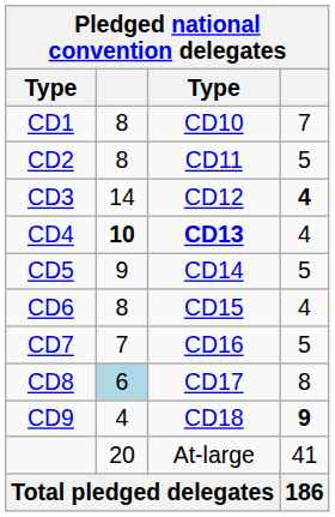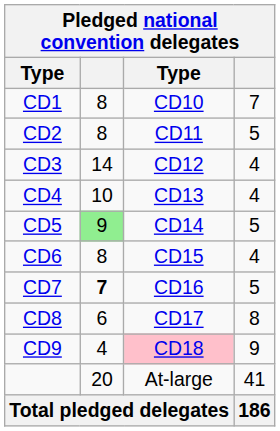 <table class="wikitable sortable" style="font-size:90%;text-align:center;float:none;padding:5px;">
 <tr>
 <th colspan="4">Pledged <a href='#'>national<br>convention</a> delegates</th>
 </tr>
 <tr>
 <th>Type</th>
 <th></th>
 <th>Type</th>
 <th></th>
 </tr>
 <tr>
 <td><a href='#'>CD1</a></td>
 <td>8</td>
 <td><a href='#'>CD10</a></td>
 <td>7</td>
 </tr>
 <tr>
 <td><a href='#'>CD2</a></td>
 <td>8</td>
 <td><a href='#'>CD11</a></td>
 <td>5</td>
 </tr>
 <tr>
 <td><a href='#'>CD3</a></td>
 <td>14</td>
 <td><a href='#'>CD12</a></td>
-<td><strong>4</strong></td>
+<td>4</td>
 </tr>
 <tr>
 <td><a href='#'>CD4</a></td>
-<td><strong>10</strong></td>
-<td><strong><a href='#'>CD13</a></strong></td>
+<td>10</td>
+<td><a href='#'>CD13</a></td>
 <td>4</td>
 </tr>
 <tr>
 <td><a href='#'>CD5</a></td>
-<td>9</td>
+<td style="background: lightgreen;">9</td>
 <td><a href='#'>CD14</a></td>
 <td>5</td>
 </tr>
 <tr>
 <td><a href='#'>CD6</a></td>
 <td>8</td>
 <td><a href='#'>CD15</a></td>
 <td>4</td>
 </tr>
 <tr>
 <td><a href='#'>CD7</a></td>
-<td>7</td>
+<td><strong>7</strong></td>
 <td><a href='#'>CD16</a></td>
 <td>5</td>
 </tr>
 <tr>
 <td><a href='#'>CD8</a></td>
-<td style="background: lightblue;">6</td>
+<td>6</td>
 <td><a href='#'>CD17</a></td>
 <td>8</td>
 </tr>
 <tr>
 <td><a href='#'>CD9</a></td>
 <td>4</td>
-<td><a href='#'>CD18</a></td>
-<td><strong>9</strong></td>
+<td style="background: pink;"><a href='#'>CD18</a></td>
+<td>9</td>
 </tr>
 <tr>
 <td></td>
 <td>20</td>
 <td>At-large</td>
 <td>41</td>
 </tr>
 <tr>
 <th colspan=3>Total pledged delegates</th>
 <th>186</th>
 </tr>
 </table>
